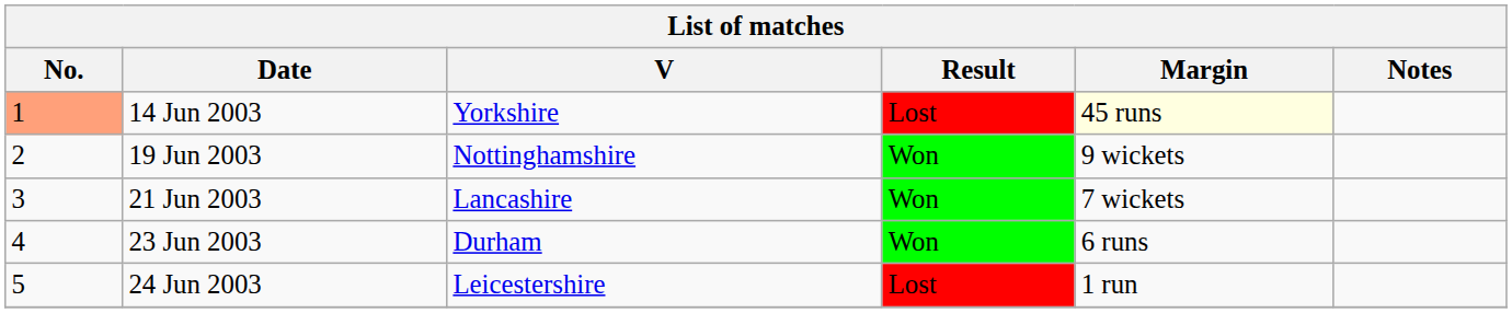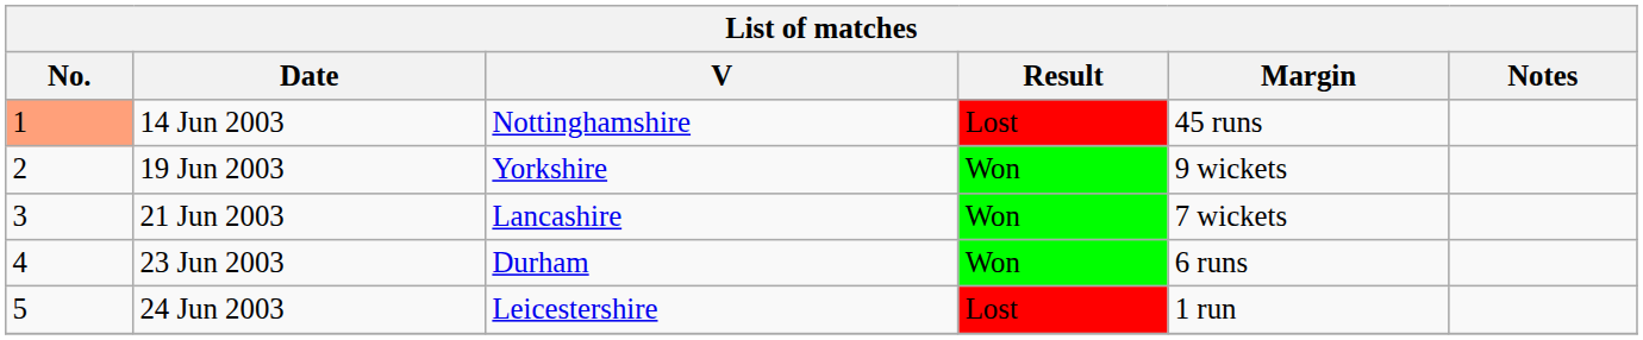 <table class="wikitable" width="70%">
 <tr>
 <th bgcolor="#efefef" colspan=6>List of  matches</th>
 </tr>
 <tr bgcolor="#efefef">
 <th>No.</th>
 <th>Date</th>
 <th>V</th>
 <th>Result</th>
 <th>Margin</th>
 <th>Notes</th>
 </tr>
 <tr>
 <td style="background: lightsalmon;">1</td>
 <td>14 Jun 2003</td>
-<td><a href='#'>Yorkshire</a> <br> </td>
+<td><a href='#'>Nottinghamshire</a> <br> </td>
 <td bgcolor="#FF0000">Lost</td>
-<td style="background: lightyellow;">45 runs</td>
+<td>45 runs</td>
 <td></td>
 </tr>
 <tr>
 <td>2</td>
 <td>19 Jun 2003</td>
-<td><a href='#'>Nottinghamshire</a> <br> </td>
+<td><a href='#'>Yorkshire</a> <br> </td>
 <td bgcolor="#00FF00">Won</td>
 <td>9 wickets</td>
 <td></td>
 </tr>
 <tr>
 <td>3</td>
 <td>21 Jun 2003</td>
 <td><a href='#'>Lancashire</a> <br> </td>
 <td bgcolor="#00FF00">Won</td>
 <td>7 wickets</td>
 <td></td>
 </tr>
 <tr>
 <td>4</td>
 <td>23 Jun 2003</td>
 <td><a href='#'>Durham</a>  <br> </td>
 <td bgcolor="#00FF00">Won</td>
 <td>6 runs</td>
 <td></td>
 </tr>
 <tr>
 <td>5</td>
 <td>24 Jun 2003</td>
 <td><a href='#'>Leicestershire</a><br> </td>
 <td bgcolor="#FF0000">Lost</td>
 <td>1 run</td>
 <td></td>
 </tr>
 <tr>
 </tr>
 </table>
